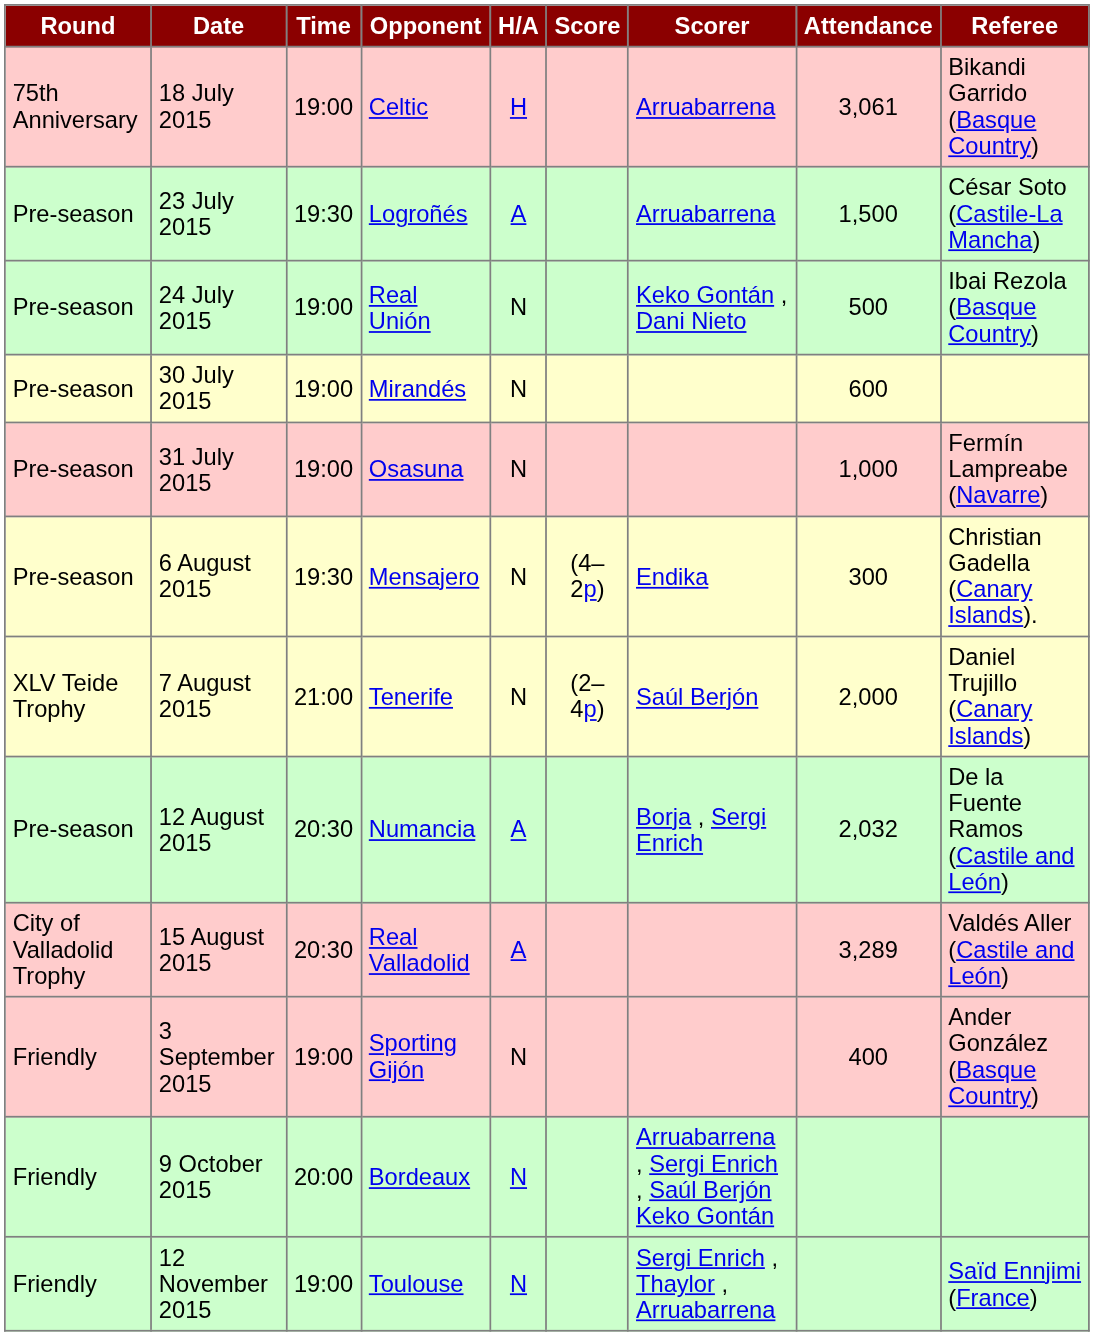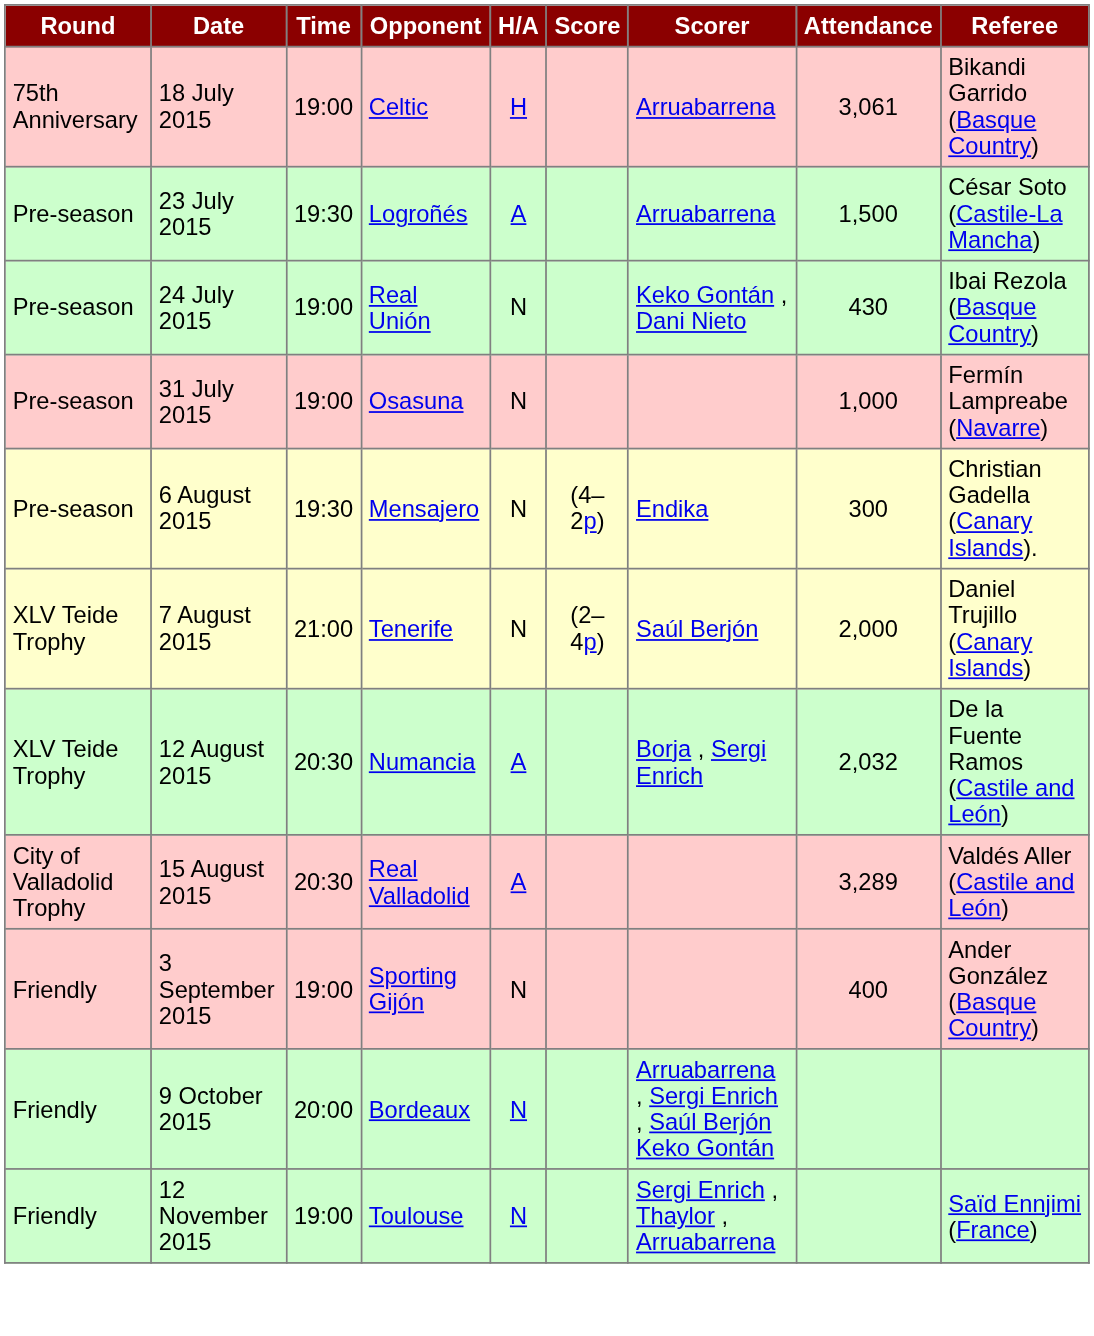 <table cellpadding="4" cellspacing="0" border="1" style="text-align: center; font-size: 85%; border: gray solid 1px; border-collapse: collapse;">
 <tr style="background:#8B0000; color:white;">
 <th>Round</th>
 <th>Date</th>
 <th>Time</th>
 <th>Opponent</th>
 <th>H/A</th>
 <th>Score</th>
 <th>Scorer</th>
 <th>Attendance</th>
 <th>Referee</th>
 </tr>
 <tr bgcolor="FFCCCC">
 <td align="left">75th Anniversary</td>
 <td align="left">18 July 2015</td>
 <td>19:00</td>
 <td align="left"> <a href='#'>Celtic</a></td>
 <td><a href='#'>H</a></td>
 <td></td>
 <td align="left"><a href='#'>Arruabarrena</a> </td>
 <td>3,061</td>
 <td align="left">Bikandi Garrido (<a href='#'>Basque Country</a>)</td>
 </tr>
 <tr bgcolor="#CCFFCC">
 <td align="left">Pre-season</td>
 <td align="left">23 July 2015</td>
 <td>19:30</td>
 <td align="left"><a href='#'>Logroñés</a></td>
 <td><a href='#'>A</a></td>
 <td></td>
 <td align="left"><a href='#'>Arruabarrena</a> </td>
 <td>1,500</td>
 <td align="left">César Soto (<a href='#'>Castile-La Mancha</a>)</td>
 </tr>
 <tr bgcolor="#CCFFCC">
 <td align="left">Pre-season</td>
 <td align="left">24 July 2015</td>
 <td>19:00</td>
 <td align="left"><a href='#'>Real Unión</a></td>
 <td>N</td>
 <td></td>
 <td align="left"><a href='#'>Keko Gontán</a> , <a href='#'>Dani Nieto</a> </td>
-<td>500</td>
+<td>430</td>
 <td align="left">Ibai Rezola (<a href='#'>Basque Country</a>)</td>
-</tr>
-<tr bgcolor="#FFFFCC">
-<td align="left">Pre-season</td>
-<td align="left">30 July 2015</td>
-<td>19:00</td>
-<td align="left"><a href='#'>Mirandés</a></td>
-<td>N</td>
-<td></td>
-<td align="left"></td>
-<td>600</td>
-<td align="left"></td>
 </tr>
 <tr bgcolor="#FFCCCC">
 <td align="left">Pre-season</td>
 <td align="left">31 July 2015</td>
 <td>19:00</td>
 <td align="left"><a href='#'>Osasuna</a></td>
 <td>N</td>
 <td></td>
 <td align="left"></td>
 <td>1,000</td>
 <td align="left">Fermín Lampreabe (<a href='#'>Navarre</a>)</td>
 </tr>
 <tr bgcolor="#FFFFCC">
 <td align="left">Pre-season</td>
 <td align="left">6 August 2015</td>
 <td>19:30</td>
 <td align="left"><a href='#'>Mensajero</a></td>
 <td>N</td>
 <td> (4–2<a href='#'>p</a>)</td>
 <td align="left"><a href='#'>Endika</a> </td>
 <td>300</td>
 <td align="left">Christian Gadella (<a href='#'>Canary Islands</a>).</td>
 </tr>
 <tr bgcolor="#FFFFCC">
 <td align="left">XLV Teide Trophy</td>
 <td align="left">7 August 2015</td>
 <td>21:00</td>
 <td align="left"><a href='#'>Tenerife</a></td>
 <td>N</td>
 <td> (2–4<a href='#'>p</a>)</td>
 <td align="left"><a href='#'>Saúl Berjón</a> </td>
 <td>2,000</td>
 <td align="left">Daniel Trujillo (<a href='#'>Canary Islands</a>)</td>
 </tr>
 <tr bgcolor="#CCFFCC">
-<td align="left">Pre-season</td>
+<td align="left">XLV Teide Trophy</td>
 <td align="left">12 August 2015</td>
 <td>20:30</td>
 <td align="left"><a href='#'>Numancia</a></td>
 <td><a href='#'>A</a></td>
 <td></td>
 <td align="left"><a href='#'>Borja</a> , <a href='#'>Sergi Enrich</a> </td>
 <td>2,032</td>
 <td align="left">De la Fuente Ramos (<a href='#'>Castile and León</a>)</td>
 </tr>
 <tr bgcolor="#FFCCCC">
 <td align="left">City of Valladolid Trophy</td>
 <td align="left">15 August 2015</td>
 <td>20:30</td>
 <td align="left"><a href='#'>Real Valladolid</a></td>
 <td><a href='#'>A</a></td>
 <td></td>
 <td align="left"></td>
 <td>3,289</td>
 <td align="left">Valdés Aller (<a href='#'>Castile and León</a>)</td>
 </tr>
 <tr bgcolor="#FFCCCC">
 <td align="left">Friendly</td>
 <td align="left">3 September 2015</td>
 <td>19:00</td>
 <td align="left"><a href='#'>Sporting Gijón</a></td>
 <td>N</td>
 <td></td>
 <td align="left"></td>
 <td>400</td>
 <td align="left">Ander González (<a href='#'>Basque Country</a>)</td>
 </tr>
 <tr bgcolor="#CCFFCC">
 <td align="left">Friendly</td>
 <td align="left">9 October 2015</td>
 <td>20:00</td>
 <td align="left"> <a href='#'>Bordeaux</a></td>
 <td><a href='#'>N</a></td>
 <td></td>
 <td align="left"><a href='#'>Arruabarrena</a> , <a href='#'>Sergi Enrich</a> , <a href='#'>Saúl Berjón</a> <br><a href='#'>Keko Gontán</a> </td>
 <td></td>
 <td align="left"></td>
 </tr>
 <tr bgcolor="#CCFFCC">
 <td align="left">Friendly</td>
 <td align="left">12 November 2015</td>
 <td>19:00</td>
 <td align="left"> <a href='#'>Toulouse</a></td>
 <td><a href='#'>N</a></td>
 <td></td>
 <td align="left"><a href='#'>Sergi Enrich</a> , <a href='#'>Thaylor</a> , <a href='#'>Arruabarrena</a> </td>
 <td></td>
 <td align="left"><a href='#'>Saïd Ennjimi</a> (<a href='#'>France</a>)</td>
 </tr>
 </table>
